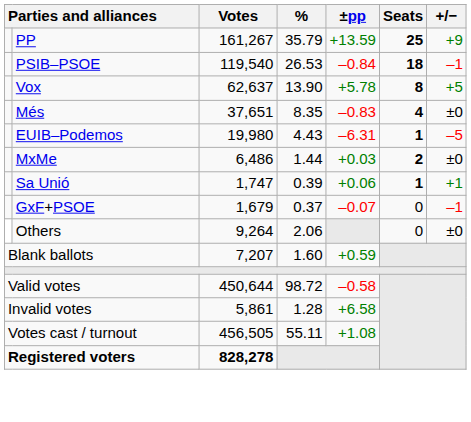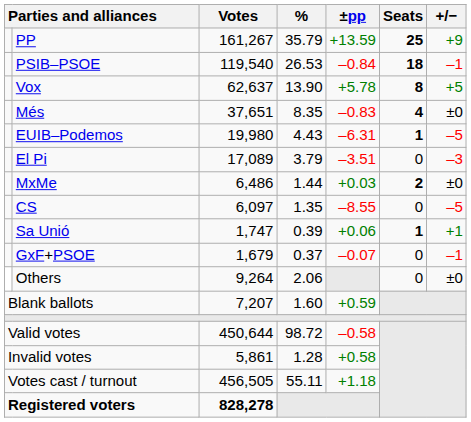 <table class="wikitable" style="text-align:right;">
 <tr>
 <th style="text-align:left;" colspan="2" width="200">Parties and alliances</th>
 <th width="75">Votes</th>
 <th width="45">%</th>
 <th width="45">±<a href='#'>pp</a></th>
 <th width="35">Seats</th>
 <th width="35">+/−</th>
 </tr>
 <tr>
 <td width="1" style="color:inherit;background:"></td>
 <td align="left"><a href='#'>PP</a></td>
 <td>161,267</td>
 <td>35.79</td>
 <td style="color:green;">+13.59</td>
 <td><strong>25</strong></td>
 <td style="color:green;">+9</td>
 </tr>
 <tr>
 <td style="color:inherit;background:"></td>
 <td align="left"><a href='#'>PSIB–PSOE</a></td>
 <td>119,540</td>
 <td>26.53</td>
 <td style="color:red;">–0.84</td>
 <td><strong>18</strong></td>
 <td style="color:red;">–1</td>
 </tr>
 <tr>
 <td style="color:inherit;background:"></td>
 <td align="left"><a href='#'>Vox</a></td>
 <td>62,637</td>
 <td>13.90</td>
 <td style="color:green;">+5.78</td>
 <td><strong>8</strong></td>
 <td style="color:green;">+5</td>
 </tr>
 <tr>
 <td style="color:inherit;background:"></td>
 <td align="left"><a href='#'>Més</a></td>
 <td>37,651</td>
 <td>8.35</td>
 <td style="color:red;">–0.83</td>
 <td><strong>4</strong></td>
 <td>±0</td>
 </tr>
 <tr>
 <td style="color:inherit;background:"></td>
 <td align="left"><a href='#'>EUIB–Podemos</a></td>
 <td>19,980</td>
 <td>4.43</td>
 <td style="color:red;">–6.31</td>
 <td><strong>1</strong></td>
 <td style="color:red;">–5</td>
 </tr>
 <tr>
 <td style="color:inherit;background:"></td>
+<td align="left"><a href='#'>El Pi</a></td>
+<td>17,089</td>
+<td>3.79</td>
+<td style="color:red;">–3.51</td>
+<td>0</td>
+<td style="color:red;">–3</td>
+</tr>
+<tr>
+<td style="color:inherit;background:"></td>
 <td align="left"><a href='#'>MxMe</a></td>
 <td>6,486</td>
 <td>1.44</td>
 <td style="color:green;">+0.03</td>
 <td><strong>2</strong></td>
 <td>±0</td>
+</tr>
+<tr>
+<td style="color:inherit;background:"></td>
+<td align="left"><a href='#'>CS</a></td>
+<td>6,097</td>
+<td>1.35</td>
+<td style="color:red;">–8.55</td>
+<td>0</td>
+<td style="color:red;">–5</td>
 </tr>
 <tr>
 <td style="color:inherit;background:"></td>
 <td align="left"><a href='#'>Sa Unió</a></td>
 <td>1,747</td>
 <td>0.39</td>
 <td style="color:green;">+0.06</td>
 <td><strong>1</strong></td>
 <td style="color:green;">+1</td>
 </tr>
 <tr>
 <td style="color:inherit;background:"></td>
 <td align="left"><a href='#'>GxF</a>+<a href='#'>PSOE</a></td>
 <td>1,679</td>
 <td>0.37</td>
 <td style="color:red;">–0.07</td>
 <td>0</td>
 <td style="color:red;">–1</td>
 </tr>
 <tr>
 <td bgcolor="white"></td>
 <td align="left">Others</td>
 <td>9,264</td>
 <td>2.06</td>
 <td bgcolor="#E9E9E9"></td>
 <td>0</td>
 <td>±0</td>
 </tr>
 <tr>
 <td align="left" colspan="2">Blank ballots</td>
 <td>7,207</td>
 <td>1.60</td>
 <td style="color:green;">+0.59</td>
 <td bgcolor="#E9E9E9" colspan="2"></td>
 </tr>
 <tr>
 <td colspan="7" bgcolor="#E9E9E9"></td>
 </tr>
 <tr>
 <td align="left" colspan="2">Valid votes</td>
 <td>450,644</td>
 <td>98.72</td>
 <td style="color:red;">–0.58</td>
 <td bgcolor="#E9E9E9" colspan="2" rowspan="4"></td>
 </tr>
 <tr>
 <td align="left" colspan="2">Invalid votes</td>
 <td>5,861</td>
 <td>1.28</td>
-<td style="color:green;">+6.58</td>
+<td style="color:green;">+0.58</td>
 </tr>
 <tr>
 <td align="left" colspan="2">Votes cast / turnout</td>
 <td>456,505</td>
 <td>55.11</td>
-<td style="color:green;">+1.08</td>
+<td style="color:green;">+1.18</td>
 </tr>
 <tr style="font-weight:bold;">
 <td align="left" colspan="2">Registered voters</td>
 <td>828,278</td>
 <td bgcolor="#E9E9E9" colspan="2"></td>
 </tr>
 </table>
